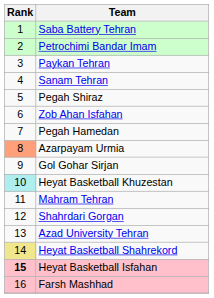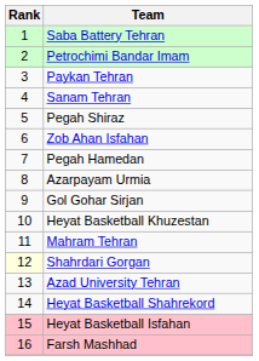 <table class="wikitable" style="text-align: center;">
 <tr>
 <th width=40>Rank</th>
 <th width=250>Team</th>
 </tr>
 <tr bgcolor=ccffcc>
 <td>1</td>
 <td align="left"><a href='#'>Saba Battery Tehran</a></td>
 </tr>
 <tr bgcolor=ccffcc>
 <td>2</td>
 <td align="left"><a href='#'>Petrochimi Bandar Imam</a></td>
 </tr>
 <tr>
 <td>3</td>
 <td align="left"><a href='#'>Paykan Tehran</a></td>
 </tr>
 <tr>
 <td>4</td>
 <td align="left"><a href='#'>Sanam Tehran</a></td>
 </tr>
 <tr>
 <td>5</td>
 <td align="left">Pegah Shiraz</td>
 </tr>
 <tr>
 <td>6</td>
 <td align="left"><a href='#'>Zob Ahan Isfahan</a></td>
 </tr>
 <tr>
 <td>7</td>
 <td align="left">Pegah Hamedan</td>
 </tr>
 <tr>
-<td style="background: lightsalmon;">8</td>
+<td>8</td>
 <td align="left">Azarpayam Urmia</td>
 </tr>
 <tr>
 <td>9</td>
 <td align="left">Gol Gohar Sirjan</td>
 </tr>
 <tr>
-<td style="background: paleturquoise;">10</td>
+<td>10</td>
 <td align="left">Heyat Basketball Khuzestan</td>
 </tr>
 <tr>
 <td>11</td>
 <td align="left"><a href='#'>Mahram Tehran</a></td>
 </tr>
 <tr>
-<td>12</td>
+<td style="background: lightyellow;">12</td>
 <td align="left"><a href='#'>Shahrdari Gorgan</a></td>
 </tr>
 <tr>
 <td>13</td>
 <td align="left"><a href='#'>Azad University Tehran</a></td>
 </tr>
 <tr>
-<td style="background: khaki;">14</td>
+<td>14</td>
 <td align="left"><a href='#'>Heyat Basketball Shahrekord</a></td>
 </tr>
 <tr bgcolor=pink>
-<td><strong>15</strong></td>
+<td>15</td>
 <td align="left">Heyat Basketball Isfahan</td>
 </tr>
 <tr bgcolor=pink>
 <td>16</td>
 <td align="left">Farsh Mashhad</td>
 </tr>
 <tr>
 </tr>
 </table>
